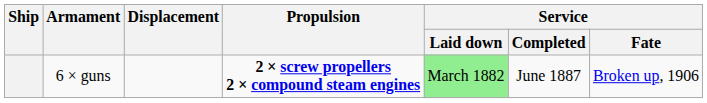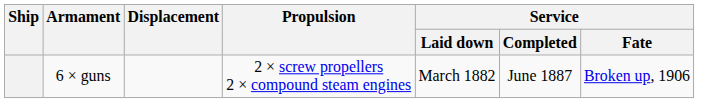 <table class="wikitable plainrowheaders" style="text-align: center;">
 <tr valign="top">
 <th scope="col" rowspan="2">Ship</th>
 <th scope="col" rowspan="2">Armament</th>
 <th scope="col" rowspan="2">Displacement</th>
 <th scope="col" rowspan="2">Propulsion</th>
 <th scope="col" colspan="3">Service</th>
 </tr>
 <tr valign="top">
 <th scope="col">Laid down</th>
 <th scope="col">Completed</th>
 <th scope="col">Fate</th>
 </tr>
 <tr valign="center">
 <th scope="row"></th>
 <td>6 ×  guns</td>
 <td></td>
-<td><strong>2 × <a href='#'>screw propellers</a><br>2 × <a href='#'>compound steam engines</a><br></strong></td>
-<td style="background: lightgreen;">March 1882</td>
+<td>2 × <a href='#'>screw propellers</a><br>2 × <a href='#'>compound steam engines</a><br></td>
+<td>March 1882</td>
 <td>June 1887</td>
 <td><a href='#'>Broken up</a>, 1906</td>
 </tr>
 </table>
